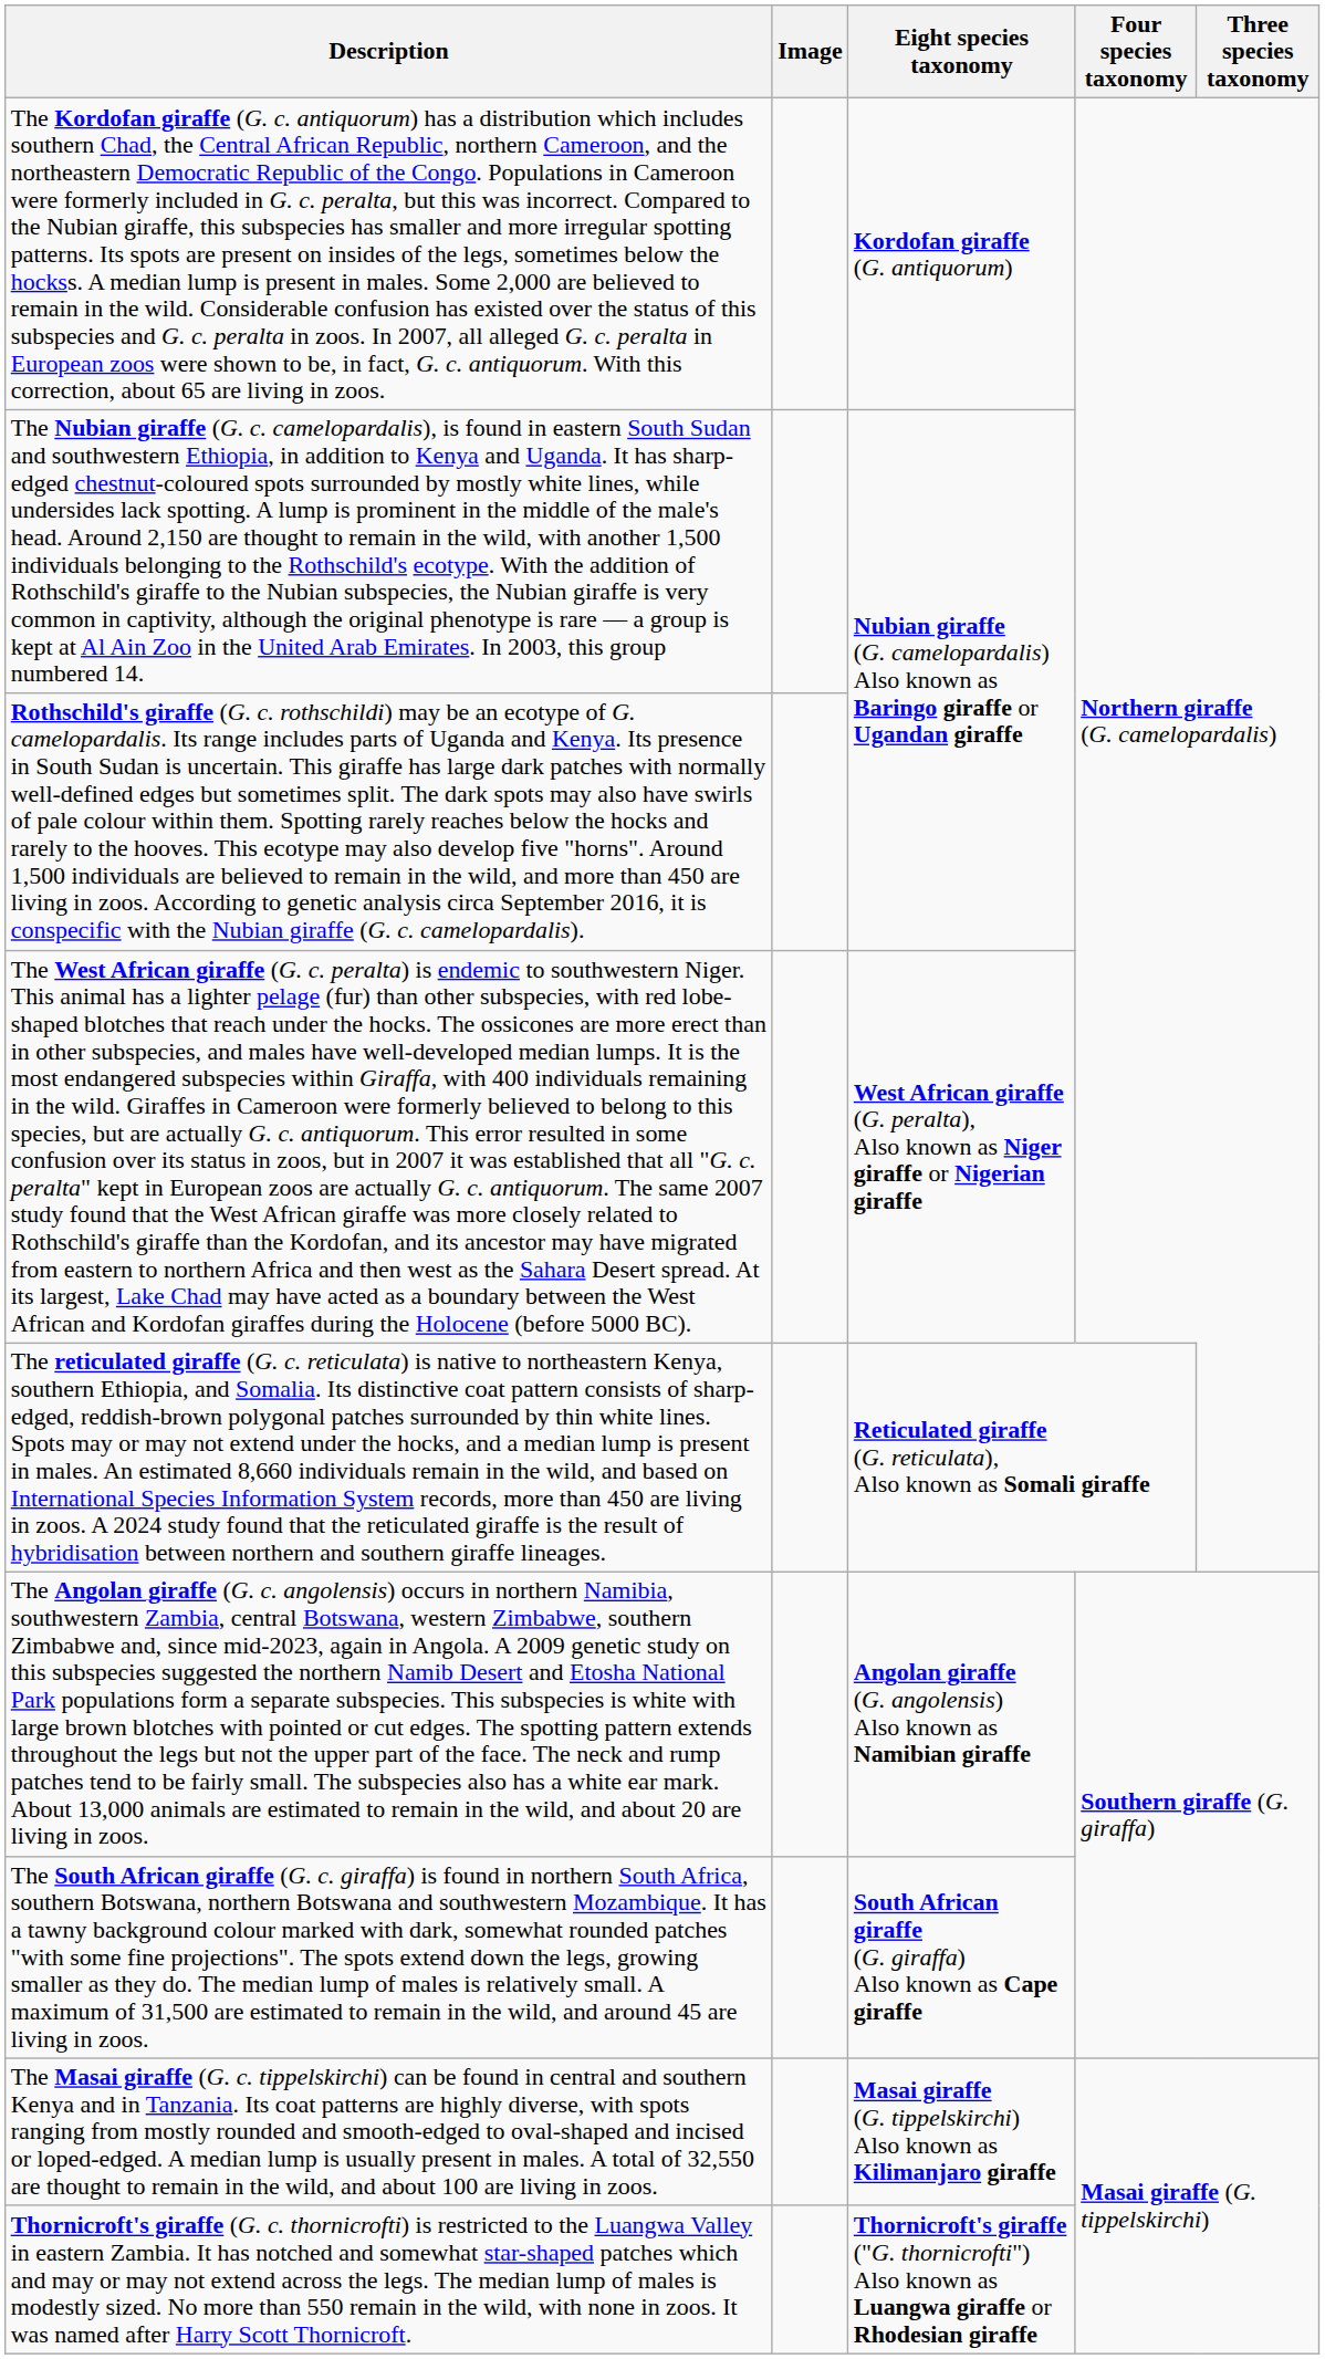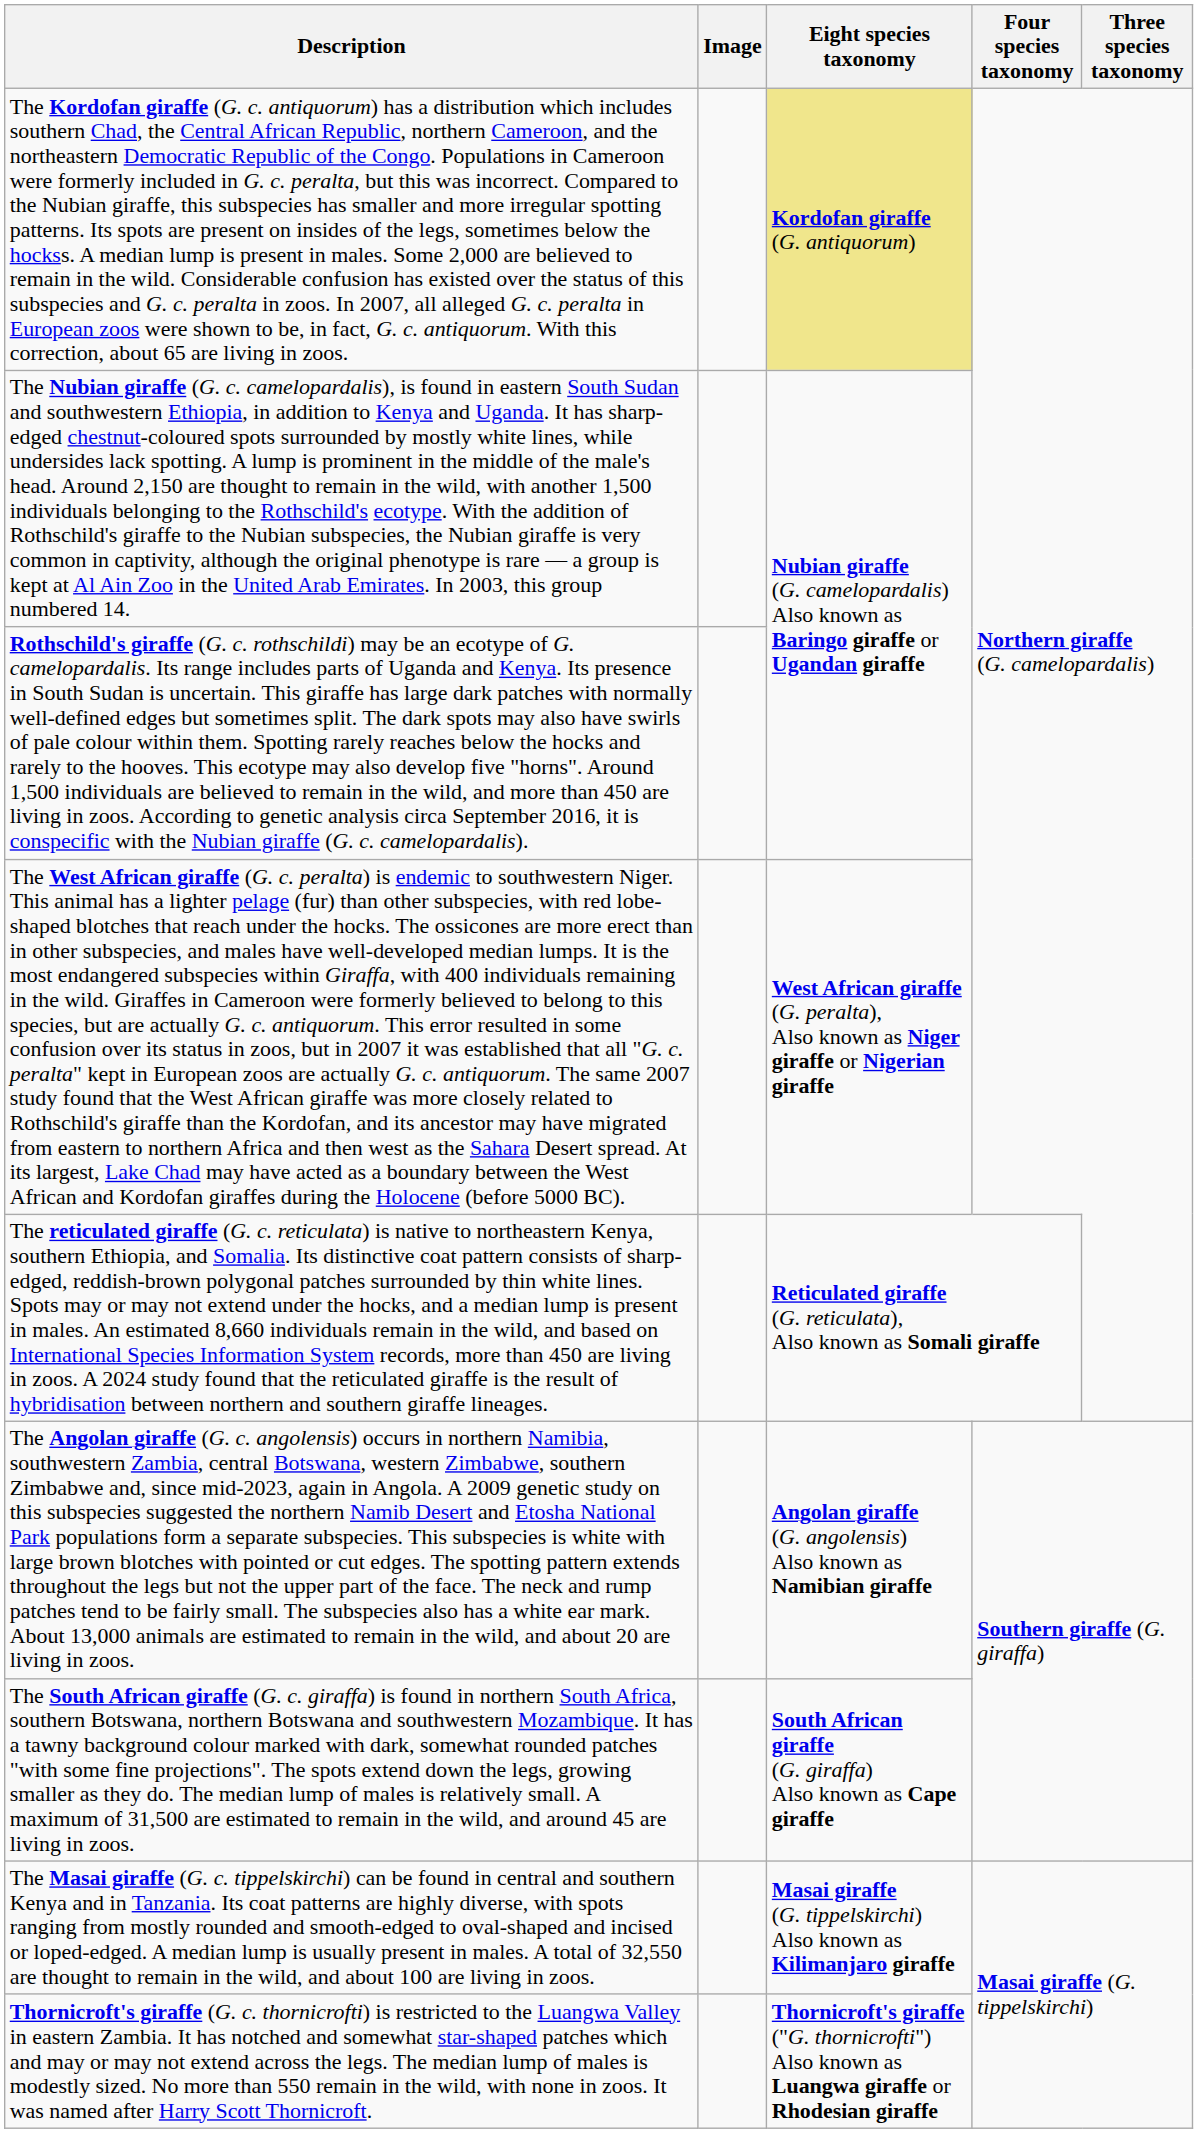 <table class="wikitable">
 <tr>
 <th>Description</th>
 <th>Image</th>
 <th>Eight species taxonomy</th>
 <th>Four species taxonomy</th>
 <th>Three species taxonomy</th>
 </tr>
 <tr>
 <td>The <strong><a href='#'>Kordofan giraffe</a></strong> (<em>G. c. antiquorum</em>) has a distribution which includes southern <a href='#'>Chad</a>, the <a href='#'>Central African Republic</a>, northern <a href='#'>Cameroon</a>, and the northeastern <a href='#'>Democratic Republic of the Congo</a>. Populations in Cameroon were formerly included in <em>G. c. peralta</em>, but this was incorrect. Compared to the Nubian giraffe, this subspecies has smaller and more irregular spotting patterns. Its spots are present on insides of the legs, sometimes below the <a href='#'>hocks</a>s. A median lump is present in males. Some 2,000 are believed to remain in the wild. Considerable confusion has existed over the status of this subspecies and <em>G. c. peralta</em> in zoos. In 2007, all alleged <em>G. c. peralta</em> in <a href='#'>European zoos</a> were shown to be, in fact, <em>G. c. antiquorum</em>. With this correction, about 65 are living in zoos.</td>
 <td></td>
-<td><strong><a href='#'>Kordofan giraffe</a></strong> <br>(<em>G. antiquorum</em>)</td>
+<td style="background: khaki;"><strong><a href='#'>Kordofan giraffe</a></strong> <br>(<em>G. antiquorum</em>)</td>
 <td rowspan="4" colspan="2" style="border-bottom:0px none"><strong><a href='#'>Northern giraffe</a></strong> <br>(<em>G. camelopardalis</em>)<br></td>
 </tr>
 <tr>
 <td>The <strong><a href='#'>Nubian giraffe</a></strong> (<em>G. c. camelopardalis</em>), is found in eastern <a href='#'>South Sudan</a> and southwestern <a href='#'>Ethiopia</a>, in addition to <a href='#'>Kenya</a> and <a href='#'>Uganda</a>. It has sharp-edged <a href='#'>chestnut</a>-coloured spots surrounded by mostly white lines, while undersides lack spotting. A lump is prominent in the middle of the male's head. Around 2,150 are thought to remain in the wild, with another 1,500 individuals belonging to the <a href='#'>Rothschild's</a> <a href='#'>ecotype</a>. With the addition of Rothschild's giraffe to the Nubian subspecies, the Nubian giraffe is very common in captivity, although the original phenotype is rare — a group is kept at <a href='#'>Al Ain Zoo</a> in the <a href='#'>United Arab Emirates</a>. In 2003, this group numbered 14.</td>
 <td></td>
 <td rowspan="2"><strong><a href='#'>Nubian giraffe</a></strong>  <br>(<em>G. camelopardalis</em>)<br>Also known as <strong><a href='#'>Baringo</a> giraffe</strong> or <strong><a href='#'>Ugandan</a> giraffe</strong><br></td>
 </tr>
 <tr>
 <td><strong><a href='#'>Rothschild's giraffe</a></strong> (<em>G. c. rothschildi</em>) may be an ecotype of <em>G. camelopardalis</em>. Its range includes parts of Uganda and <a href='#'>Kenya</a>. Its presence in South Sudan is uncertain. This giraffe has large dark patches with normally well-defined edges but sometimes split. The dark spots may also have swirls of pale colour within them. Spotting rarely reaches below the hocks and rarely to the hooves. This ecotype may also develop five "horns". Around 1,500 individuals are believed to remain in the wild, and more than 450 are living in zoos. According to genetic analysis circa September 2016, it is <a href='#'>conspecific</a> with the <a href='#'>Nubian giraffe</a> (<em>G. c. camelopardalis</em>).</td>
 <td></td>
 </tr>
 <tr>
 <td>The <strong><a href='#'>West African giraffe</a></strong> (<em>G. c. peralta</em>) is <a href='#'>endemic</a> to southwestern Niger. This animal has a lighter <a href='#'>pelage</a> (fur) than other subspecies, with red lobe-shaped blotches that reach under the hocks. The ossicones are more erect than in other subspecies, and males have well-developed median lumps. It is the most endangered subspecies within <em>Giraffa</em>, with 400 individuals remaining in the wild. Giraffes in Cameroon were formerly believed to belong to this species, but are actually <em>G. c. antiquorum</em>. This error resulted in some confusion over its status in zoos, but in 2007 it was established that all "<em>G. c. peralta</em>" kept in European zoos are actually <em>G. c. antiquorum</em>. The same 2007 study found that the West African giraffe was more closely related to Rothschild's giraffe than the Kordofan, and its ancestor may have migrated from eastern to northern Africa and then west as the <a href='#'>Sahara</a> Desert spread. At its largest, <a href='#'>Lake Chad</a> may have acted as a boundary between the West African and Kordofan giraffes during the <a href='#'>Holocene</a> (before 5000 BC).</td>
 <td></td>
 <td><strong><a href='#'>West African giraffe</a></strong> <br>(<em>G. peralta</em>),<br>Also known as <strong><a href='#'>Niger</a> giraffe</strong> or <strong><a href='#'>Nigerian</a> giraffe</strong></td>
 </tr>
 <tr>
 <td>The <strong><a href='#'>reticulated giraffe</a></strong> (<em>G. c. reticulata</em>) is native to northeastern Kenya, southern Ethiopia, and <a href='#'>Somalia</a>. Its distinctive coat pattern consists of sharp-edged, reddish-brown polygonal patches surrounded by thin white lines. Spots may or may not extend under the hocks, and a median lump is present in males. An estimated 8,660 individuals remain in the wild, and based on <a href='#'>International Species Information System</a> records, more than 450 are living in zoos. A 2024 study found that the reticulated giraffe is the result of <a href='#'>hybridisation</a> between northern and southern giraffe lineages.</td>
 <td></td>
 <td colspan="2"><strong><a href='#'>Reticulated giraffe</a></strong> <br>(<em>G. reticulata</em>),<br>Also known as <strong>Somali giraffe</strong></td>
 <td style="border-top:0px none;"></td>
 </tr>
 <tr>
 <td>The <strong><a href='#'>Angolan giraffe</a></strong> (<em>G. c. angolensis</em>) occurs in northern <a href='#'>Namibia</a>, southwestern <a href='#'>Zambia</a>, central <a href='#'>Botswana</a>, western <a href='#'>Zimbabwe</a>, southern Zimbabwe and, since mid-2023, again in Angola. A 2009 genetic study on this subspecies suggested the northern <a href='#'>Namib Desert</a> and <a href='#'>Etosha National Park</a> populations form a separate subspecies. This subspecies is white with large brown blotches with pointed or cut edges. The spotting pattern extends throughout the legs but not the upper part of the face. The neck and rump patches tend to be fairly small. The subspecies also has a white ear mark. About 13,000 animals are estimated to remain in the wild, and about 20 are living in zoos.</td>
 <td></td>
 <td><strong><a href='#'>Angolan giraffe</a></strong> <br>(<em>G. angolensis</em>)<br>Also known as <strong>Namibian giraffe</strong></td>
 <td rowspan="2" colspan="2"><strong><a href='#'>Southern giraffe</a></strong> (<em>G. giraffa</em>)<br></td>
 </tr>
 <tr>
 <td>The <strong><a href='#'>South African giraffe</a></strong> (<em>G. c. giraffa</em>) is found in northern <a href='#'>South Africa</a>, southern Botswana, northern Botswana and southwestern <a href='#'>Mozambique</a>. It has a tawny background colour marked with dark, somewhat rounded patches "with some fine projections". The spots extend down the legs, growing smaller as they do. The median lump of males is relatively small. A maximum of 31,500 are estimated to remain in the wild, and around 45 are living in zoos.</td>
 <td></td>
 <td><strong><a href='#'>South African giraffe</a></strong> <br>(<em>G. giraffa</em>)<br>Also known as <strong>Cape giraffe</strong></td>
 </tr>
 <tr>
 <td>The <strong><a href='#'>Masai giraffe</a></strong> (<em>G. c. tippelskirchi</em>) can be found in central and southern Kenya and in <a href='#'>Tanzania</a>. Its coat patterns are highly diverse, with spots ranging from mostly rounded and smooth-edged to oval-shaped and incised or loped-edged. A median lump is usually present in males. A total of 32,550 are thought to remain in the wild, and about 100 are living in zoos.</td>
 <td></td>
 <td><strong><a href='#'>Masai giraffe</a></strong> <br>(<em>G. tippelskirchi</em>)<br>Also known as <strong><a href='#'>Kilimanjaro</a> giraffe</strong></td>
 <td rowspan="2" colspan="2"><strong><a href='#'>Masai giraffe</a></strong> (<em>G. tippelskirchi</em>)<br></td>
 </tr>
 <tr>
 <td><a href='#'><strong>Thornicroft's giraffe</strong></a> (<em>G. c. thornicrofti</em>) is restricted to the <a href='#'>Luangwa Valley</a> in eastern Zambia. It has notched and somewhat <a href='#'>star-shaped</a> patches which and may or may not extend across the legs. The median lump of males is modestly sized. No more than 550 remain in the wild, with none in zoos. It was named after <a href='#'>Harry Scott Thornicroft</a>.</td>
 <td></td>
 <td><strong><a href='#'>Thornicroft's giraffe</a></strong> <br>("<em>G. thornicrofti</em>")<br>Also known as <strong>Luangwa giraffe</strong> or <strong>Rhodesian giraffe</strong></td>
 </tr>
 </table>
